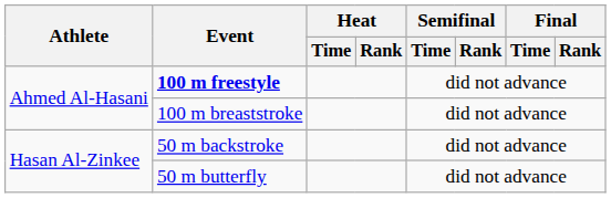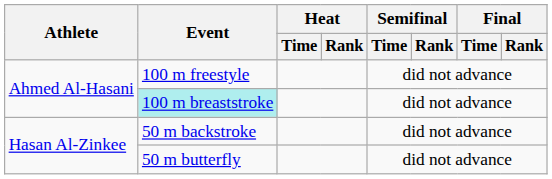 <table class="wikitable" style="text-align:center; font-size:90%">
 <tr>
 <th rowspan="2">Athlete</th>
 <th rowspan="2">Event</th>
 <th colspan="2">Heat</th>
 <th colspan="2">Semifinal</th>
 <th colspan="2">Final</th>
 </tr>
 <tr style="font-size:95%">
 <th>Time</th>
 <th>Rank</th>
 <th>Time</th>
 <th>Rank</th>
 <th>Time</th>
 <th>Rank</th>
 </tr>
 <tr>
 <td align=left rowspan=2><a href='#'>Ahmed Al-Hasani</a></td>
-<td align=left><strong><a href='#'>100 m freestyle</a></strong></td>
+<td align=left><a href='#'>100 m freestyle</a></td>
 <td colspan=2></td>
 <td colspan=4>did not advance</td>
 </tr>
 <tr>
-<td align=left><a href='#'>100 m breaststroke</a></td>
+<td align=left style="background: paleturquoise;"><a href='#'>100 m breaststroke</a></td>
 <td colspan=2></td>
 <td colspan=4>did not advance</td>
 </tr>
 <tr>
 <td align=left rowspan=2><a href='#'>Hasan Al-Zinkee</a></td>
 <td align=left><a href='#'>50 m backstroke</a></td>
 <td colspan=2></td>
 <td colspan=4>did not advance</td>
 </tr>
 <tr>
 <td align=left><a href='#'>50 m butterfly</a></td>
 <td colspan=2></td>
 <td colspan=4>did not advance</td>
 </tr>
 </table>
